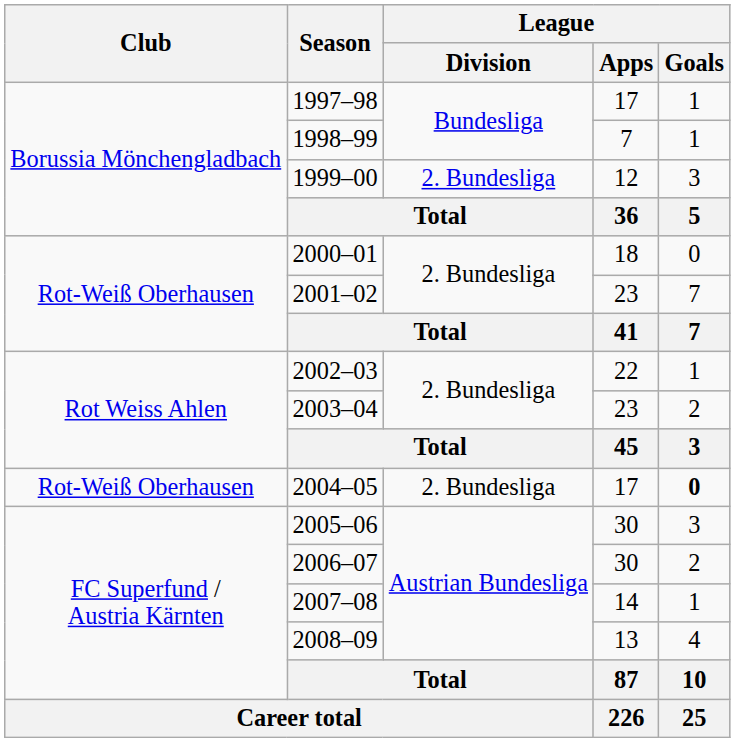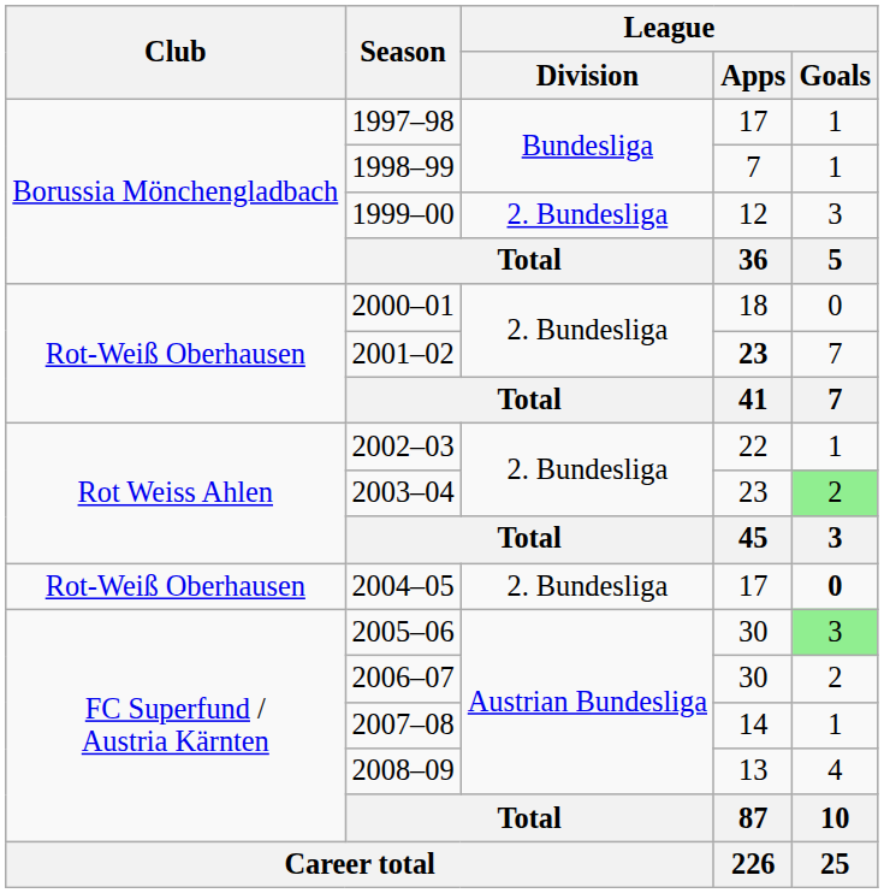 <table class="wikitable" style="text-align: center">
 <tr>
 <th rowspan="2">Club</th>
 <th rowspan="2">Season</th>
 <th colspan="3">League</th>
 </tr>
 <tr>
 <th>Division</th>
 <th>Apps</th>
 <th>Goals</th>
 </tr>
 <tr>
 <td rowspan="4"><a href='#'>Borussia Mönchengladbach</a></td>
 <td>1997–98</td>
 <td rowspan="2"><a href='#'>Bundesliga</a></td>
 <td>17</td>
 <td>1</td>
 </tr>
 <tr>
 <td>1998–99</td>
 <td>7</td>
 <td>1</td>
 </tr>
 <tr>
 <td>1999–00</td>
 <td><a href='#'>2. Bundesliga</a></td>
 <td>12</td>
 <td>3</td>
 </tr>
 <tr>
 <th colspan="2">Total</th>
 <th>36</th>
 <th>5</th>
 </tr>
 <tr>
 <td rowspan="3"><a href='#'>Rot-Weiß Oberhausen</a></td>
 <td>2000–01</td>
 <td rowspan="2">2. Bundesliga</td>
 <td>18</td>
 <td>0</td>
 </tr>
 <tr>
 <td>2001–02</td>
-<td>23</td>
+<td><strong>23</strong></td>
 <td>7</td>
 </tr>
 <tr>
 <th colspan="2">Total</th>
 <th>41</th>
 <th>7</th>
 </tr>
 <tr>
 <td rowspan="3"><a href='#'>Rot Weiss Ahlen</a></td>
 <td>2002–03</td>
 <td rowspan="2">2. Bundesliga</td>
 <td>22</td>
 <td>1</td>
 </tr>
 <tr>
 <td>2003–04</td>
 <td>23</td>
-<td>2</td>
+<td style="background: lightgreen;">2</td>
 </tr>
 <tr>
 <th colspan="2">Total</th>
 <th>45</th>
 <th>3</th>
 </tr>
 <tr>
 <td><a href='#'>Rot-Weiß Oberhausen</a></td>
 <td>2004–05</td>
 <td>2. Bundesliga</td>
 <td>17</td>
 <td><strong>0</strong></td>
 </tr>
 <tr>
 <td rowspan="5"><a href='#'>FC Superfund</a> /<br><a href='#'>Austria Kärnten</a></td>
 <td>2005–06</td>
 <td rowspan="4"><a href='#'>Austrian Bundesliga</a></td>
 <td>30</td>
-<td>3</td>
+<td style="background: lightgreen;">3</td>
 </tr>
 <tr>
 <td>2006–07</td>
 <td>30</td>
 <td>2</td>
 </tr>
 <tr>
 <td>2007–08</td>
 <td>14</td>
 <td>1</td>
 </tr>
 <tr>
 <td>2008–09</td>
 <td>13</td>
 <td>4</td>
 </tr>
 <tr>
 <th colspan="2">Total</th>
 <th>87</th>
 <th>10</th>
 </tr>
 <tr>
 <th colspan="3">Career total</th>
 <th>226</th>
 <th>25</th>
 </tr>
 </table>
